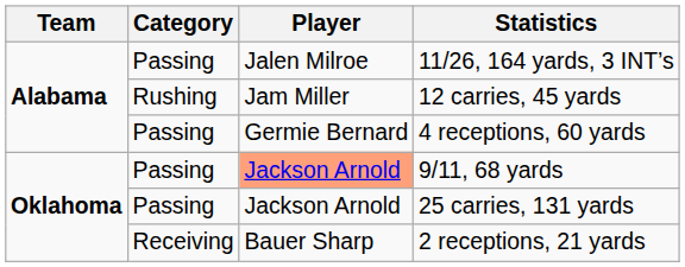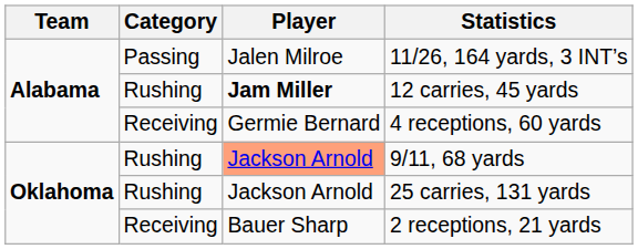 <table class="wikitable" style="float: right;">
 <tr>
 <th>Team</th>
 <th>Category</th>
 <th>Player</th>
 <th>Statistics</th>
 </tr>
 <tr>
 <td rowspan=3><strong>Alabama</strong></td>
 <td>Passing</td>
 <td>Jalen Milroe</td>
 <td>11/26, 164 yards, 3 INT’s</td>
 </tr>
 <tr>
 <td>Rushing</td>
-<td>Jam Miller</td>
+<td><strong>Jam Miller</strong></td>
 <td>12 carries, 45 yards</td>
 </tr>
 <tr>
-<td>Passing</td>
+<td>Receiving</td>
 <td>Germie Bernard</td>
 <td>4 receptions, 60 yards</td>
 </tr>
 <tr>
 <td rowspan=3><strong>Oklahoma</strong></td>
-<td>Passing</td>
+<td>Rushing</td>
 <td style="background: lightsalmon;"><a href='#'>Jackson Arnold</a></td>
 <td>9/11, 68 yards</td>
 </tr>
 <tr>
-<td>Passing</td>
+<td>Rushing</td>
 <td>Jackson Arnold</td>
 <td>25 carries, 131 yards</td>
 </tr>
 <tr>
 <td>Receiving</td>
 <td>Bauer Sharp</td>
 <td>2 receptions, 21 yards</td>
 </tr>
 </table>
